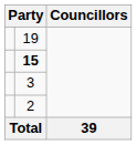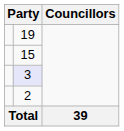 <table class="wikitable">
 <tr>
 <th colspan=2>Party</th>
 <th>Councillors</th>
 </tr>
 <tr>
 <td></td>
 <td align=center>19</td>
 </tr>
 <tr>
 <td></td>
-<td align=center><strong>15</strong></td>
+<td align=center>15</td>
 </tr>
 <tr>
 <td></td>
-<td align=center>3</td>
+<td align=center style="background: lavender;">3</td>
 </tr>
 <tr>
 <td></td>
 <td align="center">2</td>
 </tr>
 <tr>
 <th colspan=2>Total</th>
 <th align=center>39</th>
 </tr>
 </table>
